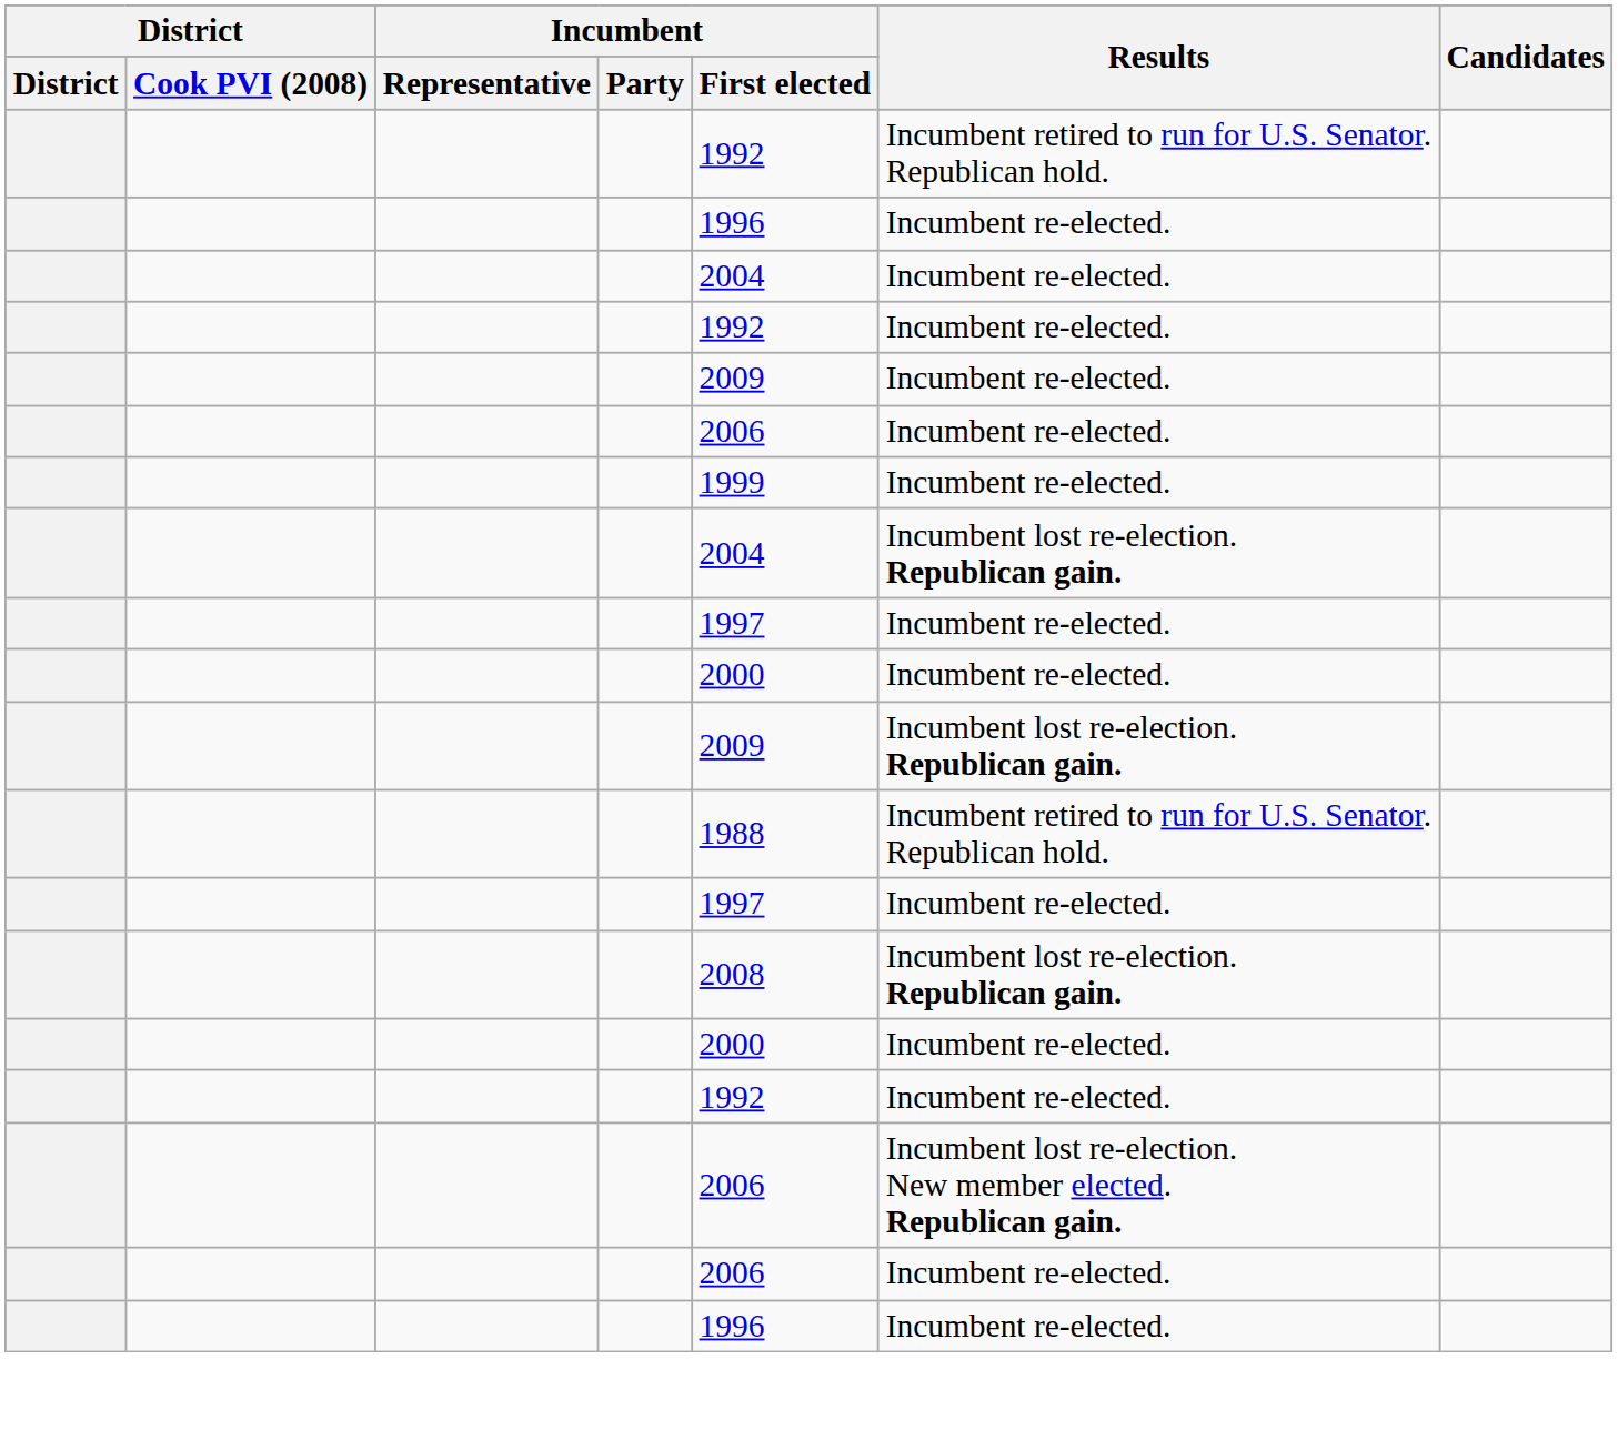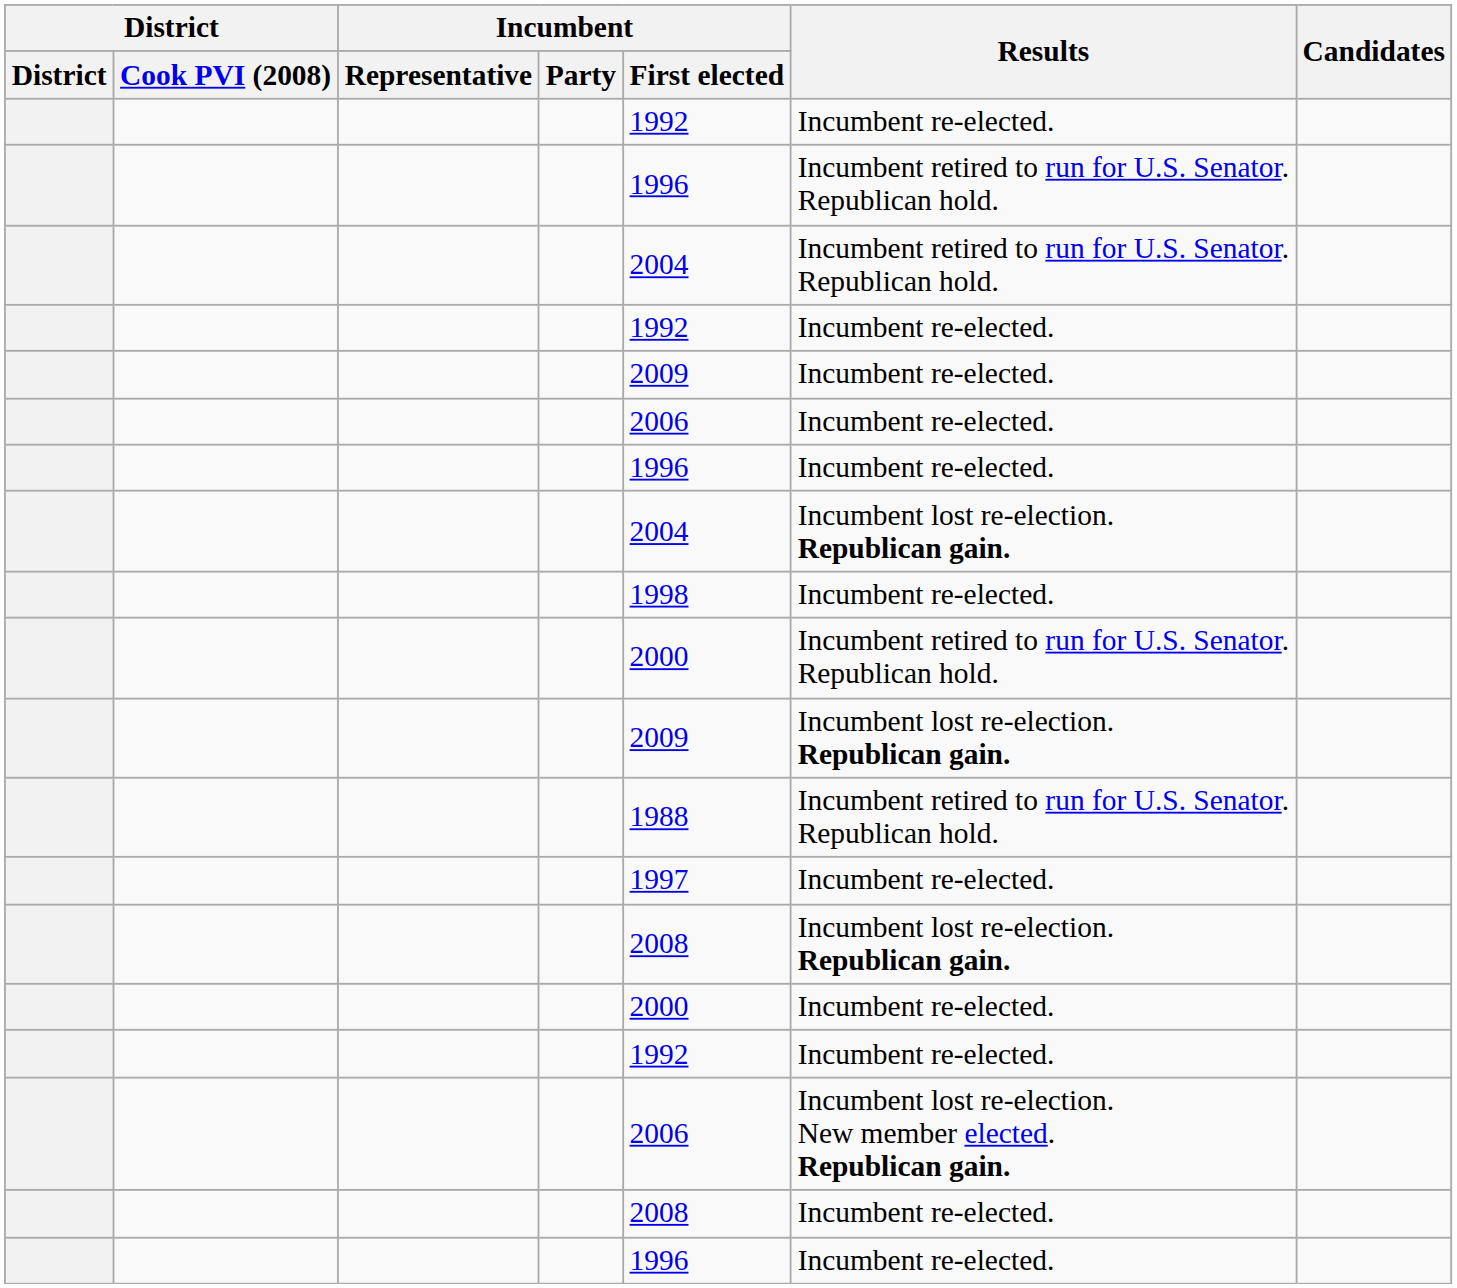 <table class="wikitable sortable">
 <tr>
 <th colspan=2>District</th>
 <th colspan=3>Incumbent</th>
 <th rowspan=2>Results</th>
 <th rowspan=2>Candidates</th>
 </tr>
 <tr valign=bottom>
 <th>District</th>
 <th><a href='#'>Cook PVI</a> (2008)</th>
 <th>Representative</th>
 <th>Party</th>
 <th>First elected</th>
 </tr>
 <tr>
 <th></th>
 <td></td>
 <td></td>
 <td></td>
 <td><a href='#'>1992</a></td>
+<td>Incumbent re-elected.</td>
+<td nowrap></td>
+</tr>
+<tr>
+<th></th>
+<td></td>
+<td></td>
+<td></td>
+<td><a href='#'>1996 </a></td>
 <td>Incumbent retired to <a href='#'>run for U.S. Senator</a>.<br>Republican hold.</td>
 <td nowrap></td>
 </tr>
 <tr>
 <th></th>
 <td></td>
 <td></td>
 <td></td>
-<td><a href='#'>1996 </a></td>
-<td>Incumbent re-elected.</td>
-<td nowrap></td>
-</tr>
-<tr>
-<th></th>
-<td></td>
-<td></td>
-<td></td>
 <td><a href='#'>2004</a></td>
-<td>Incumbent re-elected.</td>
+<td>Incumbent retired to <a href='#'>run for U.S. Senator</a>.<br>Republican hold.</td>
 <td nowrap></td>
 </tr>
 <tr>
 <th></th>
 <td></td>
 <td></td>
 <td></td>
 <td><a href='#'>1992</a></td>
 <td>Incumbent re-elected.</td>
 <td nowrap></td>
 </tr>
 <tr>
 <th></th>
 <td></td>
 <td></td>
 <td></td>
 <td><a href='#'>2009 </a></td>
 <td>Incumbent re-elected.</td>
 <td nowrap></td>
 </tr>
 <tr>
 <th></th>
 <td></td>
 <td></td>
 <td></td>
 <td><a href='#'>2006</a></td>
 <td>Incumbent re-elected.</td>
 <td nowrap></td>
 </tr>
 <tr>
 <th></th>
 <td></td>
 <td></td>
 <td></td>
-<td><a href='#'>1999</a></td>
+<td><a href='#'>1996</a></td>
 <td>Incumbent re-elected.</td>
 <td nowrap></td>
 </tr>
 <tr>
 <th></th>
 <td></td>
 <td></td>
 <td></td>
 <td><a href='#'>2004</a></td>
 <td>Incumbent lost re-election.<br><strong>Republican gain.</strong></td>
 <td nowrap></td>
 </tr>
 <tr>
 <th></th>
 <td></td>
 <td></td>
 <td></td>
-<td><a href='#'>1997</a></td>
+<td><a href='#'>1998</a></td>
 <td>Incumbent re-elected.</td>
 <td nowrap></td>
 </tr>
 <tr>
 <th></th>
 <td></td>
 <td></td>
 <td></td>
 <td><a href='#'>2000</a></td>
-<td>Incumbent re-elected.</td>
+<td>Incumbent retired to <a href='#'>run for U.S. Senator</a>.<br>Republican hold.</td>
 <td nowrap></td>
 </tr>
 <tr>
 <th></th>
 <td></td>
 <td></td>
 <td></td>
 <td><a href='#'>2009</a></td>
 <td>Incumbent lost re-election.<br><strong>Republican gain.</strong></td>
 <td nowrap></td>
 </tr>
 <tr>
 <th></th>
 <td></td>
 <td></td>
 <td></td>
 <td><a href='#'>1988</a></td>
 <td>Incumbent retired to <a href='#'>run for U.S. Senator</a>.<br>Republican hold.</td>
 <td nowrap></td>
 </tr>
 <tr>
 <th></th>
 <td></td>
 <td></td>
 <td></td>
 <td><a href='#'>1997</a></td>
 <td>Incumbent re-elected.</td>
 <td nowrap></td>
 </tr>
 <tr>
 <th></th>
 <td></td>
 <td></td>
 <td></td>
 <td><a href='#'>2008</a></td>
 <td>Incumbent lost re-election.<br><strong>Republican gain.</strong></td>
 <td nowrap></td>
 </tr>
 <tr>
 <th></th>
 <td></td>
 <td></td>
 <td></td>
 <td><a href='#'>2000</a></td>
 <td>Incumbent re-elected.</td>
 <td nowrap></td>
 </tr>
 <tr>
 <th></th>
 <td></td>
 <td></td>
 <td></td>
 <td><a href='#'>1992</a></td>
 <td>Incumbent re-elected.</td>
 <td nowrap></td>
 </tr>
 <tr>
 <th></th>
 <td></td>
 <td></td>
 <td></td>
 <td><a href='#'>2006</a></td>
 <td>Incumbent lost re-election.<br>New member <a href='#'>elected</a>.<br><strong>Republican gain.</strong></td>
 <td nowrap></td>
 </tr>
 <tr>
 <th></th>
 <td></td>
 <td></td>
 <td></td>
-<td><a href='#'>2006</a></td>
+<td><a href='#'>2008</a></td>
 <td>Incumbent re-elected.</td>
 <td nowrap></td>
 </tr>
 <tr>
 <th></th>
 <td></td>
 <td></td>
 <td></td>
 <td><a href='#'>1996</a></td>
 <td>Incumbent re-elected.</td>
 <td nowrap></td>
 </tr>
 </table>
